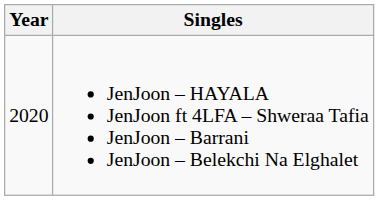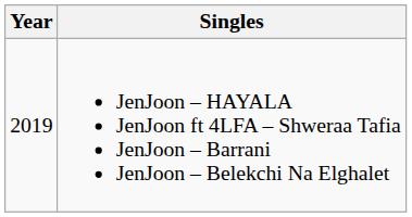 <table class="wikitable">
 <tr>
 <th>Year</th>
 <th>Singles</th>
 </tr>
 <tr>
-<td>2020</td>
+<td>2019</td>
 <td><br><ul><li>JenJoon – HAYALA</li><li>JenJoon ft 4LFA – Shweraa Tafia</li><li>JenJoon – Barrani</li><li>JenJoon – Belekchi Na Elghalet</li></ul></td>
 </tr>
 </table>
